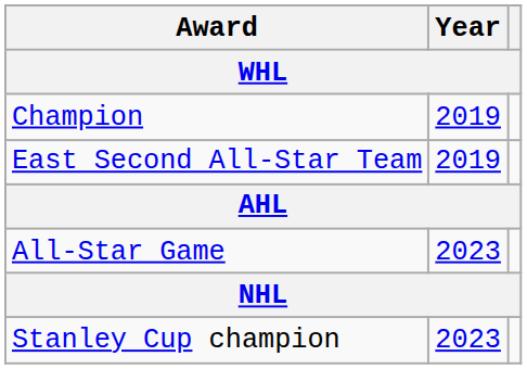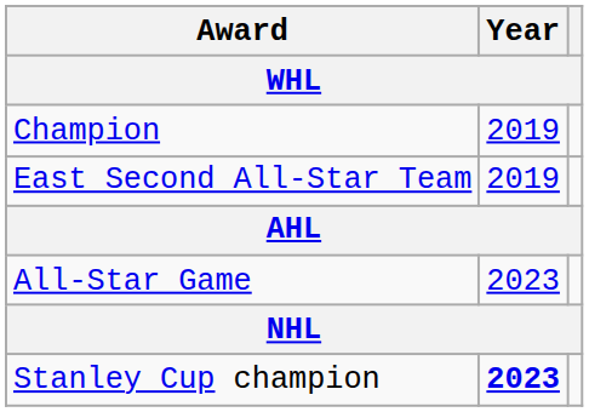 <table class="wikitable">
 <tr>
 <th>Award</th>
 <th>Year</th>
 <th></th>
 </tr>
 <tr>
 <th colspan="3"><a href='#'>WHL</a></th>
 </tr>
 <tr>
 <td><a href='#'>Champion</a></td>
 <td><a href='#'>2019</a></td>
 <td></td>
 </tr>
 <tr>
 <td><a href='#'>East Second All-Star Team</a></td>
 <td><a href='#'>2019</a></td>
 <td></td>
 </tr>
 <tr>
 <th colspan="3"><a href='#'>AHL</a></th>
 </tr>
 <tr>
 <td><a href='#'>All-Star Game</a></td>
 <td><a href='#'>2023</a></td>
 <td></td>
 </tr>
 <tr>
 <th colspan="3"><a href='#'>NHL</a></th>
 </tr>
 <tr>
 <td><a href='#'>Stanley Cup</a> champion</td>
-<td><a href='#'>2023</a></td>
+<td><strong><a href='#'>2023</a></strong></td>
 <td></td>
 </tr>
 </table>
